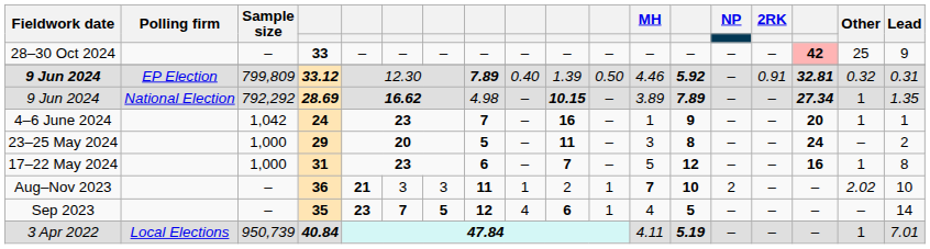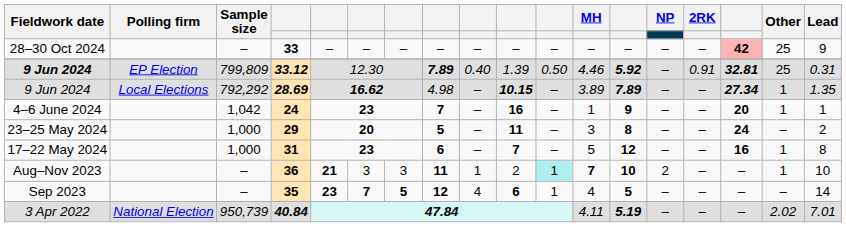 <table class="wikitable sortable" style="text-align:center;font-size:95%;line-height:16px;">
 <tr>
 <th rowspan="2">Fieldwork date</th>
 <th rowspan="2">Polling firm</th>
 <th rowspan="2">Sample<br>size</th>
 <th style="width:35px;"></th>
 <th style="width:35px;"></th>
 <th style="width:35px;"></th>
 <th style="width:35px;"></th>
 <th style="width:35px;"></th>
 <th style="width:35px;"></th>
 <th style="width:35px;"></th>
 <th style="width:35px;"></th>
 <th style="width:35px;"><a href='#'>MH</a></th>
 <th style="width:35px;"></th>
 <th style="width:35px;"><a href='#'>NP</a></th>
 <th style="width:35px;"><a href='#'>2RK</a></th>
 <th class="unsortable" style="width:40px;"></th>
 <th rowspan="2">Other</th>
 <th rowspan="2">Lead</th>
 </tr>
 <tr>
 <th style="background:"></th>
 <th style="background:"></th>
 <th style="background:"></th>
 <th style="background:"></th>
 <th style="background:"></th>
 <th style="background:"></th>
 <th style="background:"></th>
 <th style="background:"></th>
 <th style="background:"></th>
 <th style="background:"></th>
 <th style="background:#023854;"></th>
 <th style="background:"></th>
 <th style="background:"></th>
 </tr>
 <tr>
 <td data-sort-value="2024-11-04">28–30 Oct 2024</td>
 <td></td>
 <td>–</td>
 <td><strong>33</strong></td>
 <td>–</td>
 <td>–</td>
 <td>–</td>
 <td>–</td>
 <td>–</td>
 <td>–</td>
 <td>–</td>
 <td>–</td>
 <td>–</td>
 <td>–</td>
 <td>–</td>
 <td style="background:#FFB4B4"><strong>42</strong></td>
 <td>25</td>
 <td style="background:">9</td>
 </tr>
 <tr>
 </tr>
 <tr style="background:#DFDFDF;">
 <td><strong><em>9 Jun 2024</em></strong></td>
 <td><em><a href='#'>EP Election</a></em></td>
 <td><em>799,809</em></td>
 <td style="background:#FFE5B4"><strong><em>33.12</em></strong></td>
 <td colspan="3"><em>12.30</em></td>
 <td><strong><em>7.89</em></strong></td>
 <td><em>0.40</em></td>
 <td><em>1.39</em></td>
 <td><em>0.50</em></td>
 <td><em>4.46</em></td>
 <td><strong><em>5.92</em></strong></td>
 <td>–</td>
 <td><em>0.91</em></td>
 <td><strong><em>32.81</em></strong></td>
-<td><em>0.32</em></td>
+<td>25</td>
 <td style="background:"><em>0.31</em></td>
 </tr>
 <tr style="background:#DFDFDF;">
 <td data-sort-value="2024-06-09"><em>9 Jun 2024</em></td>
-<td><em><a href='#'>National Election</a></em></td>
+<td><em><a href='#'>Local Elections</a></em></td>
 <td><em>792,292</em></td>
 <td style="background:#FFE5B4"><strong><em>28.69</em></strong></td>
 <td colspan="3"><strong><em>16.62</em></strong></td>
 <td><em>4.98</em></td>
 <td>–</td>
 <td><strong><em>10.15</em></strong></td>
 <td>–</td>
 <td><em>3.89</em></td>
 <td><strong><em>7.89</em></strong></td>
 <td>–</td>
 <td>–</td>
 <td><strong><em>27.34</em></strong></td>
 <td>1</td>
 <td style="background:"><em>1.35</em></td>
 </tr>
 <tr>
 <td data-sort-value="2024-06-08">4–6 June 2024</td>
 <td></td>
 <td>1,042</td>
 <td style="background:#FFE5B4"><strong>24</strong></td>
 <td colspan=3><strong>23</strong></td>
 <td><strong>7</strong></td>
 <td>–</td>
 <td><strong>16</strong></td>
 <td>–</td>
 <td>1</td>
 <td><strong>9</strong></td>
 <td>–</td>
 <td>–</td>
 <td><strong>20</strong></td>
 <td>1</td>
 <td style="background:">1</td>
 </tr>
 <tr>
 <td data-sort-value="2024-05-25">23–25 May 2024</td>
 <td></td>
 <td>1,000</td>
 <td style="background:#FFE5B4"><strong>29</strong></td>
 <td colspan=3><strong>20</strong></td>
 <td><strong>5</strong></td>
 <td>–</td>
 <td><strong>11</strong></td>
 <td>–</td>
 <td>3</td>
 <td><strong>8</strong></td>
 <td>–</td>
 <td>–</td>
 <td><strong>24</strong></td>
 <td>–</td>
 <td style="background:">2</td>
 </tr>
 <tr>
 <td data-sort-value="2024-05-22">17–22 May 2024</td>
 <td></td>
 <td>1,000</td>
 <td style="background:#FFE5B4"><strong>31</strong></td>
 <td colspan=3><strong>23</strong></td>
 <td><strong>6</strong></td>
 <td>–</td>
 <td><strong>7</strong></td>
 <td>–</td>
 <td>5</td>
 <td><strong>12</strong></td>
 <td>–</td>
 <td>–</td>
 <td><strong>16</strong></td>
 <td>1</td>
 <td style="background:">8</td>
 </tr>
 <tr>
 <td data-sort-value="2023-12-14">Aug–Nov 2023</td>
 <td></td>
 <td>–</td>
 <td style="background:#FFE5B4"><strong>36</strong></td>
 <td><strong>21</strong></td>
 <td>3</td>
 <td>3</td>
 <td><strong>11</strong></td>
 <td>1</td>
 <td>2</td>
-<td>1</td>
+<td style="background: paleturquoise;">1</td>
 <td><strong>7</strong></td>
 <td><strong>10</strong></td>
 <td>2</td>
 <td>–</td>
 <td>–</td>
-<td><em>2.02</em></td>
+<td>1</td>
 <td style="background:">10</td>
 </tr>
 <tr>
 <td data-sort-value="2023-09-22">Sep 2023</td>
 <td></td>
 <td>–</td>
 <td style="background:#FFE5B4"><strong>35</strong></td>
 <td><strong>23</strong></td>
 <td><strong>7</strong></td>
 <td><strong>5</strong></td>
 <td><strong>12</strong></td>
 <td>4</td>
 <td><strong>6</strong></td>
 <td>1</td>
 <td>4</td>
 <td><strong>5</strong></td>
 <td>–</td>
 <td>–</td>
 <td>–</td>
 <td>–</td>
 <td style="background:">14</td>
 </tr>
 <tr style="background:#DFDFDF;">
 <td data-sort-value="2022-04-03"><em>3 Apr 2022</em></td>
-<td><em><a href='#'>Local Elections</a></em></td>
+<td><em><a href='#'>National Election</a></em></td>
 <td><em>950,739</em></td>
 <td><strong><em>40.84</em></strong></td>
 <td colspan="7" style="background:#D4F7F6"><strong><em>47.84</em></strong></td>
 <td><em>4.11</em></td>
 <td><strong><em>5.19</em></strong></td>
 <td>–</td>
 <td>–</td>
 <td>–</td>
-<td>1</td>
+<td><em>2.02</em></td>
 <td style="background:"><em>7.01</em></td>
 </tr>
 </table>
